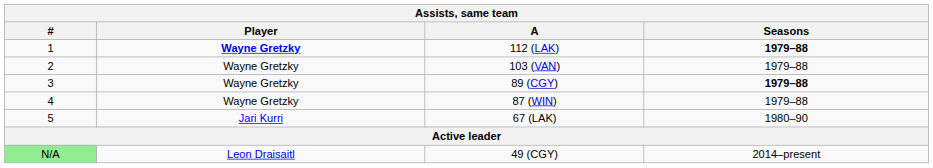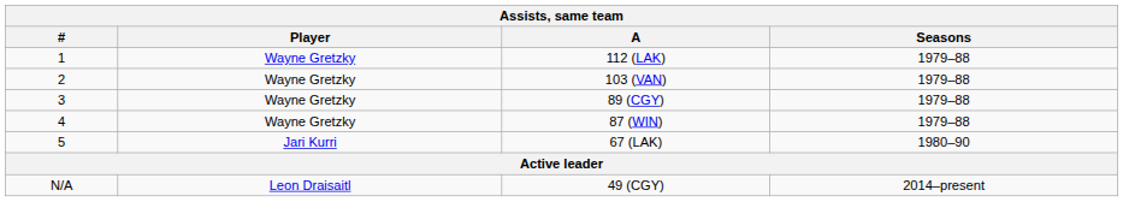 <table class="wikitable" style="text-align: center; font-size: 95%" width="80%">
 <tr>
 <th colspan="4">Assists, same team</th>
 </tr>
 <tr>
 <th>#</th>
 <th>Player</th>
 <th>A</th>
 <th>Seasons</th>
 </tr>
 <tr>
 <td>1</td>
-<td><strong><a href='#'>Wayne Gretzky</a></strong></td>
+<td><a href='#'>Wayne Gretzky</a></td>
 <td>112 (<a href='#'>LAK</a>)</td>
-<td><strong>1979–88</strong></td>
+<td>1979–88</td>
 </tr>
 <tr>
 <td>2</td>
 <td>Wayne Gretzky</td>
 <td>103 (<a href='#'>VAN</a>)</td>
 <td>1979–88</td>
 </tr>
 <tr>
 <td>3</td>
 <td>Wayne Gretzky</td>
 <td>89 (<a href='#'>CGY</a>)</td>
-<td><strong>1979–88</strong></td>
+<td>1979–88</td>
 </tr>
 <tr>
 <td>4</td>
 <td>Wayne Gretzky</td>
 <td>87 (<a href='#'>WIN</a>)</td>
 <td>1979–88</td>
 </tr>
 <tr>
 <td>5</td>
 <td><a href='#'>Jari Kurri</a></td>
 <td>67 (LAK)</td>
 <td>1980–90</td>
 </tr>
 <tr>
 <th colspan="4">Active leader</th>
 </tr>
 <tr>
-<td style="background: lightgreen;">N/A</td>
+<td>N/A</td>
 <td><a href='#'>Leon Draisaitl</a></td>
 <td>49 (CGY)</td>
 <td>2014–present</td>
 </tr>
 </table>
